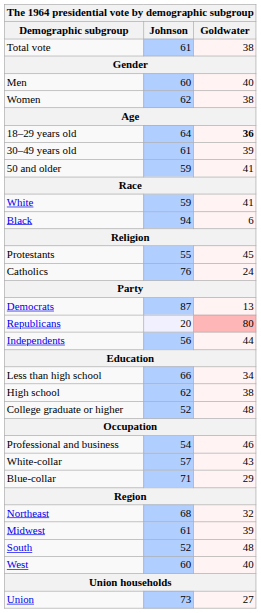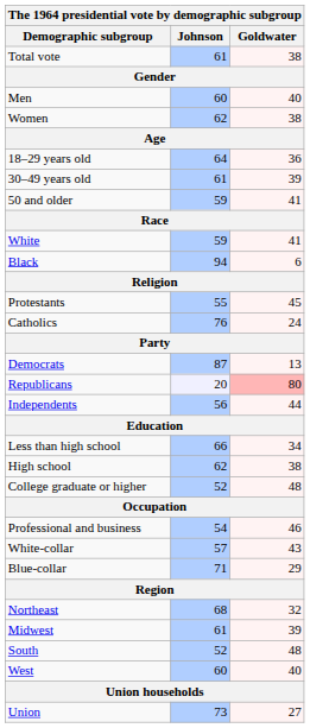 <table class=wikitable>
 <tr>
 <th colspan="7">The 1964 presidential vote by demographic subgroup</th>
 </tr>
 <tr>
 <th>Demographic subgroup</th>
 <th>Johnson</th>
 <th>Goldwater</th>
 </tr>
 <tr>
 <td>Total vote</td>
 <td style="text-align:right; background:#b0ceff;">61</td>
 <td style="text-align:right; background:#fff3f3;">38</td>
 </tr>
 <tr>
 <th colspan=4>Gender</th>
 </tr>
 <tr>
 <td>Men</td>
 <td style="text-align:right; background:#b0ceff;">60</td>
 <td style="text-align:right; background:#fff3f3;">40</td>
 </tr>
 <tr>
 <td>Women</td>
 <td style="text-align:right; background:#b0ceff;">62</td>
 <td style="text-align:right; background:#fff3f3;">38</td>
 </tr>
 <tr>
 <th colspan=4>Age</th>
 </tr>
 <tr>
 <td>18–29 years old</td>
 <td style="text-align:right; background:#b0ceff;">64</td>
-<td style="text-align:right; background:#fff3f3;"><strong>36</strong></td>
+<td style="text-align:right; background:#fff3f3;">36</td>
 </tr>
 <tr>
 <td>30–49 years old</td>
 <td style="text-align:right; background:#b0ceff;">61</td>
 <td style="text-align:right; background:#fff3f3;">39</td>
 </tr>
 <tr>
 <td>50 and older</td>
 <td style="text-align:right; background:#b0ceff;">59</td>
 <td style="text-align:right; background:#fff3f3;">41</td>
 </tr>
 <tr>
 <th colspan=4>Race</th>
 </tr>
 <tr>
 <td><a href='#'>White</a></td>
 <td style="text-align:right; background:#b0ceff;">59</td>
 <td style="text-align:right; background:#fff3f3;">41</td>
 </tr>
 <tr>
 <td><a href='#'>Black</a></td>
 <td style="text-align:right; background:#b0ceff;">94</td>
 <td style="text-align:right; background:#fff3f3;">6</td>
 </tr>
 <tr>
 <th colspan=4>Religion</th>
 </tr>
 <tr>
 <td>Protestants</td>
 <td style="text-align:right; background:#b0ceff;">55</td>
 <td style="text-align:right; background:#fff3f3;">45</td>
 </tr>
 <tr>
 <td>Catholics</td>
 <td style="text-align:right; background:#b0ceff;">76</td>
 <td style="text-align:right; background:#fff3f3;">24</td>
 </tr>
 <tr>
 <th colspan=4>Party</th>
 </tr>
 <tr>
 <td><a href='#'>Democrats</a></td>
 <td style="text-align:right; background:#b0ceff;">87</td>
 <td style="text-align:right; background:#fff3f3;">13</td>
 </tr>
 <tr>
 <td><a href='#'>Republicans</a></td>
 <td style="text-align:right; background:#f0f0ff;">20</td>
 <td style="text-align:right; background:#ffb6b6;">80</td>
 </tr>
 <tr>
 <td><a href='#'>Independents</a></td>
 <td style="text-align:right; background:#b0ceff;">56</td>
 <td style="text-align:right; background:#fff3f3;">44</td>
 </tr>
 <tr>
 <th colspan=4>Education</th>
 </tr>
 <tr>
 <td>Less than high school</td>
 <td style="text-align:right; background:#b0ceff;">66</td>
 <td style="text-align:right; background:#fff3f3;">34</td>
 </tr>
 <tr>
 <td>High school</td>
 <td style="text-align:right; background:#b0ceff;">62</td>
 <td style="text-align:right; background:#fff3f3;">38</td>
 </tr>
 <tr>
 <td>College graduate or higher</td>
 <td style="text-align:right; background:#b0ceff;">52</td>
 <td style="text-align:right; background:#fff3f3;">48</td>
 </tr>
 <tr>
 <th colspan=4>Occupation</th>
 </tr>
 <tr>
 <td>Professional and business</td>
 <td style="text-align:right; background:#b0ceff;">54</td>
 <td style="text-align:right; background:#fff3f3;">46</td>
 </tr>
 <tr>
 <td>White-collar</td>
 <td style="text-align:right; background:#b0ceff;">57</td>
 <td style="text-align:right; background:#fff3f3;">43</td>
 </tr>
 <tr>
 <td>Blue-collar</td>
 <td style="text-align:right; background:#b0ceff;">71</td>
 <td style="text-align:right; background:#fff3f3;">29</td>
 </tr>
 <tr>
 <th colspan=4>Region</th>
 </tr>
 <tr>
 <td><a href='#'>Northeast</a></td>
 <td style="text-align:right; background:#b0ceff;">68</td>
 <td style="text-align:right; background:#fff3f3;">32</td>
 </tr>
 <tr>
 <td><a href='#'>Midwest</a></td>
 <td style="text-align:right; background:#b0ceff;">61</td>
 <td style="text-align:right; background:#fff3f3;">39</td>
 </tr>
 <tr>
 <td><a href='#'>South</a></td>
 <td style="text-align:right; background:#b0ceff;">52</td>
 <td style="text-align:right; background:#fff3f3;">48</td>
 </tr>
 <tr>
 <td><a href='#'>West</a></td>
 <td style="text-align:right; background:#b0ceff;">60</td>
 <td style="text-align:right; background:#fff3f3;">40</td>
 </tr>
 <tr>
 <th colspan=4>Union households</th>
 </tr>
 <tr>
 <td><a href='#'>Union</a></td>
 <td style="text-align:right; background:#b0ceff;">73</td>
 <td style="text-align:right; background:#fff3f3;">27</td>
 </tr>
 </table>
